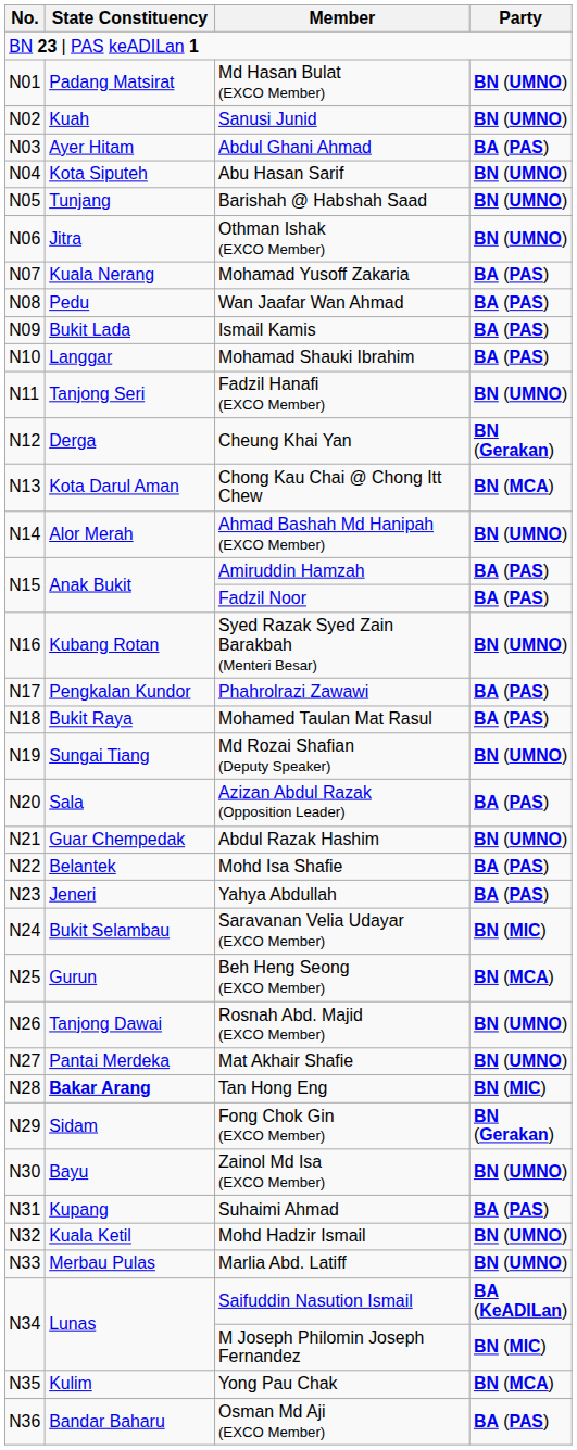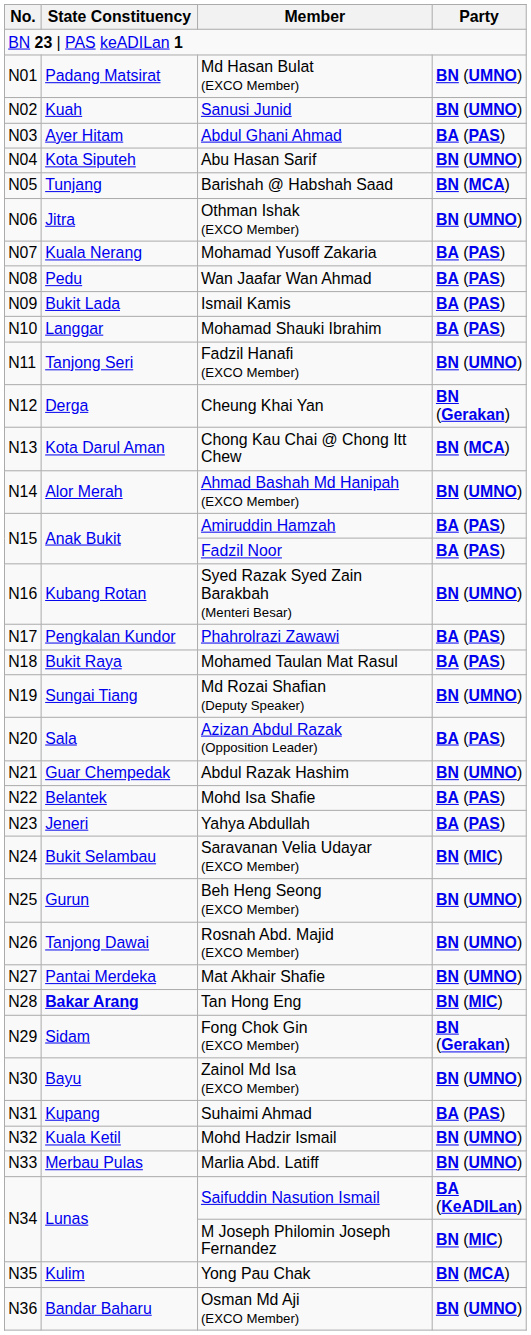 <table class="wikitable sortable">
 <tr>
 <th style="width:30px;">No.</th>
 <th style="width:150px;">State Constituency</th>
 <th style="width:230px;">Member</th>
 <th style="width:80px;">Party</th>
 </tr>
 <tr>
 <td colspan="4"><a href='#'>BN</a> <strong>23</strong> | <a href='#'>PAS</a> <strong></strong> <a href='#'>keADILan</a> <strong>1</strong></td>
 </tr>
 <tr>
 <td>N01</td>
 <td><a href='#'>Padang Matsirat</a></td>
 <td>Md Hasan Bulat <br><small>(EXCO Member)</small></td>
 <td><strong><a href='#'>BN</a></strong> (<strong><a href='#'>UMNO</a></strong>)</td>
 </tr>
 <tr>
 <td>N02</td>
 <td><a href='#'>Kuah</a></td>
 <td><a href='#'>Sanusi Junid</a></td>
 <td><strong><a href='#'>BN</a></strong> (<strong><a href='#'>UMNO</a></strong>)</td>
 </tr>
 <tr>
 <td>N03</td>
 <td><a href='#'>Ayer Hitam</a></td>
 <td><a href='#'>Abdul Ghani Ahmad</a></td>
 <td><strong><a href='#'>BA</a></strong> (<strong><a href='#'>PAS</a></strong>)</td>
 </tr>
 <tr>
 <td>N04</td>
 <td><a href='#'>Kota Siputeh</a></td>
 <td>Abu Hasan Sarif</td>
 <td><strong><a href='#'>BN</a></strong> (<strong><a href='#'>UMNO</a></strong>)</td>
 </tr>
 <tr>
 <td>N05</td>
 <td><a href='#'>Tunjang</a></td>
 <td>Barishah @ Habshah Saad</td>
-<td><strong><a href='#'>BN</a></strong> (<strong><a href='#'>UMNO</a></strong>)</td>
+<td><strong><a href='#'>BN</a></strong> (<strong><a href='#'>MCA</a></strong>)</td>
 </tr>
 <tr>
 <td>N06</td>
 <td><a href='#'>Jitra</a></td>
 <td>Othman Ishak <br><small>(EXCO Member)</small></td>
 <td><strong><a href='#'>BN</a></strong> (<strong><a href='#'>UMNO</a></strong>)</td>
 </tr>
 <tr>
 <td>N07</td>
 <td><a href='#'>Kuala Nerang</a></td>
 <td>Mohamad Yusoff Zakaria</td>
 <td><strong><a href='#'>BA</a></strong> (<strong><a href='#'>PAS</a></strong>)</td>
 </tr>
 <tr>
 <td>N08</td>
 <td><a href='#'>Pedu</a></td>
 <td>Wan Jaafar Wan Ahmad</td>
 <td><strong><a href='#'>BA</a></strong> (<strong><a href='#'>PAS</a></strong>)</td>
 </tr>
 <tr>
 <td>N09</td>
 <td><a href='#'>Bukit Lada</a></td>
 <td>Ismail Kamis</td>
 <td><strong><a href='#'>BA</a></strong> (<strong><a href='#'>PAS</a></strong>)</td>
 </tr>
 <tr>
 <td>N10</td>
 <td><a href='#'>Langgar</a></td>
 <td>Mohamad Shauki Ibrahim</td>
 <td><strong><a href='#'>BA</a></strong> (<strong><a href='#'>PAS</a></strong>)</td>
 </tr>
 <tr>
 <td>N11</td>
 <td><a href='#'>Tanjong Seri</a></td>
 <td>Fadzil Hanafi <br><small>(EXCO Member)</small></td>
 <td><strong><a href='#'>BN</a></strong> (<strong><a href='#'>UMNO</a></strong>)</td>
 </tr>
 <tr>
 <td>N12</td>
 <td><a href='#'>Derga</a></td>
 <td>Cheung Khai Yan</td>
 <td><strong><a href='#'>BN</a></strong> (<strong><a href='#'>Gerakan</a></strong>)</td>
 </tr>
 <tr>
 <td>N13</td>
 <td><a href='#'>Kota Darul Aman</a></td>
 <td>Chong Kau Chai @ Chong Itt Chew</td>
 <td><strong><a href='#'>BN</a></strong> (<strong><a href='#'>MCA</a></strong>)</td>
 </tr>
 <tr>
 <td>N14</td>
 <td><a href='#'>Alor Merah</a></td>
 <td><a href='#'>Ahmad Bashah Md Hanipah</a> <br><small>(EXCO Member)</small></td>
 <td><strong><a href='#'>BN</a></strong> (<strong><a href='#'>UMNO</a></strong>)</td>
 </tr>
 <tr>
 <td rowspan=2>N15</td>
 <td rowspan=2><a href='#'>Anak Bukit</a></td>
 <td><a href='#'>Amiruddin Hamzah</a> </td>
 <td><strong><a href='#'>BA</a></strong> (<strong><a href='#'>PAS</a></strong>)</td>
 </tr>
 <tr>
 <td><a href='#'>Fadzil Noor</a> </td>
 <td><strong><a href='#'>BA</a></strong> (<strong><a href='#'>PAS</a></strong>)</td>
 </tr>
 <tr>
 <td>N16</td>
 <td><a href='#'>Kubang Rotan</a></td>
 <td>Syed Razak Syed Zain Barakbah <br><small>(Menteri Besar)</small></td>
 <td><strong><a href='#'>BN</a></strong> (<strong><a href='#'>UMNO</a></strong>)</td>
 </tr>
 <tr>
 <td>N17</td>
 <td><a href='#'>Pengkalan Kundor</a></td>
 <td><a href='#'>Phahrolrazi Zawawi</a></td>
 <td><strong><a href='#'>BA</a></strong> (<strong><a href='#'>PAS</a></strong>)</td>
 </tr>
 <tr>
 <td>N18</td>
 <td><a href='#'>Bukit Raya</a></td>
 <td>Mohamed Taulan Mat Rasul</td>
 <td><strong><a href='#'>BA</a></strong> (<strong><a href='#'>PAS</a></strong>)</td>
 </tr>
 <tr>
 <td>N19</td>
 <td><a href='#'>Sungai Tiang</a></td>
 <td>Md Rozai Shafian <br><small>(Deputy Speaker)</small></td>
 <td><strong><a href='#'>BN</a></strong> (<strong><a href='#'>UMNO</a></strong>)</td>
 </tr>
 <tr>
 <td>N20</td>
 <td><a href='#'>Sala</a></td>
 <td><a href='#'>Azizan Abdul Razak</a> <br><small>(Opposition Leader)</small></td>
 <td><strong><a href='#'>BA</a></strong> (<strong><a href='#'>PAS</a></strong>)</td>
 </tr>
 <tr>
 <td>N21</td>
 <td><a href='#'>Guar Chempedak</a></td>
 <td>Abdul Razak Hashim</td>
 <td><strong><a href='#'>BN</a></strong> (<strong><a href='#'>UMNO</a></strong>)</td>
 </tr>
 <tr>
 <td>N22</td>
 <td><a href='#'>Belantek</a></td>
 <td>Mohd Isa Shafie</td>
 <td><strong><a href='#'>BA</a></strong> (<strong><a href='#'>PAS</a></strong>)</td>
 </tr>
 <tr>
 <td>N23</td>
 <td><a href='#'>Jeneri</a></td>
 <td>Yahya Abdullah</td>
 <td><strong><a href='#'>BA</a></strong> (<strong><a href='#'>PAS</a></strong>)</td>
 </tr>
 <tr>
 <td>N24</td>
 <td><a href='#'>Bukit Selambau</a></td>
 <td>Saravanan Velia Udayar <br><small>(EXCO Member)</small></td>
 <td><strong><a href='#'>BN</a></strong> (<strong><a href='#'>MIC</a></strong>)</td>
 </tr>
 <tr>
 <td>N25</td>
 <td><a href='#'>Gurun</a></td>
 <td>Beh Heng Seong <br><small>(EXCO Member)</small></td>
-<td><strong><a href='#'>BN</a></strong> (<strong><a href='#'>MCA</a></strong>)</td>
+<td><strong><a href='#'>BN</a></strong> (<strong><a href='#'>UMNO</a></strong>)</td>
 </tr>
 <tr>
 <td>N26</td>
 <td><a href='#'>Tanjong Dawai</a></td>
 <td>Rosnah Abd. Majid <br><small>(EXCO Member)</small></td>
 <td><strong><a href='#'>BN</a></strong> (<strong><a href='#'>UMNO</a></strong>)</td>
 </tr>
 <tr>
 <td>N27</td>
 <td><a href='#'>Pantai Merdeka</a></td>
 <td>Mat Akhair Shafie</td>
 <td><strong><a href='#'>BN</a></strong> (<strong><a href='#'>UMNO</a></strong>)</td>
 </tr>
 <tr>
 <td>N28</td>
 <td><strong><a href='#'>Bakar Arang</a></strong></td>
 <td>Tan Hong Eng</td>
 <td><strong><a href='#'>BN</a></strong> (<strong><a href='#'>MIC</a></strong>)</td>
 </tr>
 <tr>
 <td>N29</td>
 <td><a href='#'>Sidam</a></td>
 <td>Fong Chok Gin <br><small>(EXCO Member)</small></td>
 <td><strong><a href='#'>BN</a></strong> (<strong><a href='#'>Gerakan</a></strong>)</td>
 </tr>
 <tr>
 <td>N30</td>
 <td><a href='#'>Bayu</a></td>
 <td>Zainol Md Isa <br><small>(EXCO Member)</small></td>
 <td><strong><a href='#'>BN</a></strong> (<strong><a href='#'>UMNO</a></strong>)</td>
 </tr>
 <tr>
 <td>N31</td>
 <td><a href='#'>Kupang</a></td>
 <td>Suhaimi Ahmad</td>
 <td><strong><a href='#'>BA</a></strong> (<strong><a href='#'>PAS</a></strong>)</td>
 </tr>
 <tr>
 <td>N32</td>
 <td><a href='#'>Kuala Ketil</a></td>
 <td>Mohd Hadzir Ismail</td>
 <td><strong><a href='#'>BN</a></strong> (<strong><a href='#'>UMNO</a></strong>)</td>
 </tr>
 <tr>
 <td>N33</td>
 <td><a href='#'>Merbau Pulas</a></td>
 <td>Marlia Abd. Latiff</td>
 <td><strong><a href='#'>BN</a></strong> (<strong><a href='#'>UMNO</a></strong>)</td>
 </tr>
 <tr>
 <td rowspan=2>N34</td>
 <td rowspan=2><a href='#'>Lunas</a></td>
 <td><a href='#'>Saifuddin Nasution Ismail</a> </td>
 <td><strong><a href='#'>BA</a></strong> (<strong><a href='#'>KeADILan</a></strong>)</td>
 </tr>
 <tr>
 <td>M Joseph Philomin Joseph Fernandez </td>
 <td><strong><a href='#'>BN</a></strong> (<strong><a href='#'>MIC</a></strong>)</td>
 </tr>
 <tr>
 <td>N35</td>
 <td><a href='#'>Kulim</a></td>
 <td>Yong Pau Chak</td>
 <td><strong><a href='#'>BN</a></strong> (<strong><a href='#'>MCA</a></strong>)</td>
 </tr>
 <tr>
 <td>N36</td>
 <td><a href='#'>Bandar Baharu</a></td>
 <td>Osman Md Aji <br><small>(EXCO Member)</small></td>
-<td><strong><a href='#'>BA</a></strong> (<strong><a href='#'>PAS</a></strong>)</td>
+<td><strong><a href='#'>BN</a></strong> (<strong><a href='#'>UMNO</a></strong>)</td>
 </tr>
 </table>
